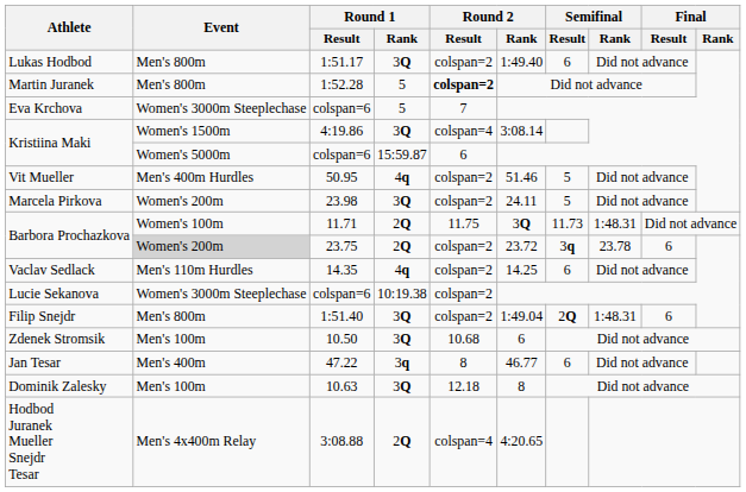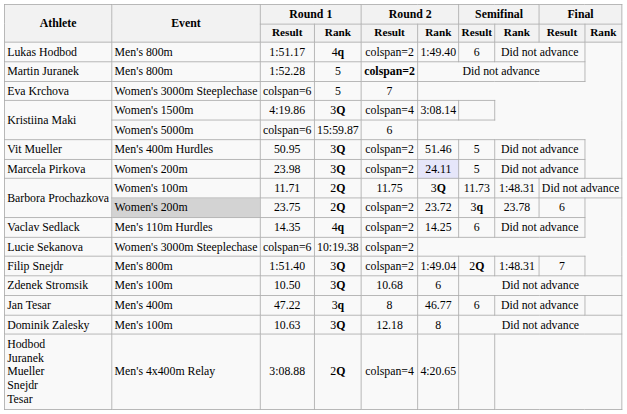 <table class="wikitable" style="font-size:90%">
 <tr>
 <th rowspan="2">Athlete</th>
 <th rowspan="2">Event</th>
 <th colspan="2">Round 1</th>
 <th colspan="2">Round 2</th>
 <th colspan="2">Semifinal</th>
 <th colspan="2">Final</th>
 </tr>
 <tr style="font-size:95%">
 <th>Result</th>
 <th>Rank</th>
 <th>Result</th>
 <th>Rank</th>
 <th>Result</th>
 <th>Rank</th>
 <th>Result</th>
 <th>Rank</th>
 </tr>
 <tr align=center>
 <td align=left>Lukas Hodbod</td>
 <td align=left>Men's 800m</td>
 <td>1:51.17</td>
-<td>3<strong>Q</strong></td>
+<td>4<strong>q</strong></td>
 <td>colspan=2 </td>
 <td>1:49.40</td>
 <td>6</td>
 <td colspan=2>Did not advance</td>
 </tr>
 <tr align=center>
 <td align=left>Martin Juranek</td>
 <td align=left>Men's 800m</td>
 <td>1:52.28</td>
 <td>5</td>
 <td><strong>colspan=2 </strong></td>
 <td colspan=4>Did not advance</td>
 </tr>
 <tr align=center>
 <td align=left>Eva Krchova</td>
 <td align=left>Women's 3000m Steeplechase</td>
 <td>colspan=6 </td>
 <td>5</td>
 <td>7</td>
 </tr>
 <tr align=center>
 <td align=left rowspan=2>Kristiina Maki</td>
 <td align=left>Women's 1500m</td>
 <td>4:19.86</td>
 <td>3<strong>Q</strong></td>
 <td>colspan=4 </td>
 <td>3:08.14</td>
 <td></td>
 </tr>
 <tr align=center>
 <td align=left>Women's 5000m</td>
 <td>colspan=6 </td>
 <td>15:59.87</td>
 <td>6</td>
 </tr>
 <tr align=center>
 <td align=left>Vit Mueller</td>
 <td align=left>Men's 400m Hurdles</td>
 <td>50.95</td>
-<td>4<strong>q</strong></td>
+<td>3<strong>Q</strong></td>
 <td>colspan=2 </td>
 <td>51.46</td>
 <td>5</td>
 <td colspan=2>Did not advance</td>
 </tr>
 <tr align=center>
 <td align=left>Marcela Pirkova</td>
 <td align=left>Women's 200m</td>
 <td>23.98</td>
 <td>3<strong>Q</strong></td>
 <td>colspan=2 </td>
-<td>24.11</td>
+<td style="background: lavender;">24.11</td>
 <td>5</td>
 <td colspan=2>Did not advance</td>
 </tr>
 <tr align=center>
 <td align=left rowspan=2>Barbora Prochazkova</td>
 <td align=left>Women's 100m</td>
 <td>11.71</td>
 <td>2<strong>Q</strong></td>
 <td>11.75</td>
 <td>3<strong>Q</strong></td>
 <td>11.73</td>
 <td>1:48.31</td>
 <td colspan=2>Did not advance</td>
 </tr>
 <tr align=center>
 <td align=left style="background: lightgrey;">Women's 200m</td>
 <td>23.75</td>
 <td>2<strong>Q</strong></td>
 <td>colspan=2 </td>
 <td>23.72</td>
 <td>3<strong>q</strong></td>
 <td>23.78</td>
 <td>6</td>
 </tr>
 <tr align=center>
 <td align=left>Vaclav Sedlack</td>
 <td align=left>Men's 110m Hurdles</td>
 <td>14.35</td>
 <td>4<strong>q</strong></td>
 <td>colspan=2 </td>
 <td>14.25</td>
 <td>6</td>
 <td colspan=2>Did not advance</td>
 </tr>
 <tr align=center>
 <td align=left>Lucie Sekanova</td>
 <td align=left>Women's 3000m Steeplechase</td>
 <td>colspan=6 </td>
 <td>10:19.38</td>
 <td>colspan=2 </td>
 </tr>
 <tr align=center>
 <td align=left>Filip Snejdr</td>
 <td align=left>Men's 800m</td>
 <td>1:51.40</td>
 <td>3<strong>Q</strong></td>
 <td>colspan=2 </td>
 <td>1:49.04</td>
 <td>2<strong>Q</strong></td>
 <td>1:48.31</td>
-<td>6</td>
+<td>7</td>
 </tr>
 <tr align=center>
 <td align=left>Zdenek Stromsik</td>
 <td align=left>Men's 100m</td>
 <td>10.50</td>
 <td>3<strong>Q</strong></td>
 <td>10.68</td>
 <td>6</td>
 <td colspan=4>Did not advance</td>
 </tr>
 <tr align=center>
 <td align=left>Jan Tesar</td>
 <td align=left>Men's 400m</td>
 <td>47.22</td>
 <td>3<strong>q</strong></td>
 <td>8</td>
 <td>46.77</td>
 <td>6</td>
 <td colspan=2>Did not advance</td>
 </tr>
 <tr align=center>
 <td align=left>Dominik Zalesky</td>
 <td align=left>Men's 100m</td>
 <td>10.63</td>
 <td>3<strong>Q</strong></td>
 <td>12.18</td>
 <td>8</td>
 <td colspan=4>Did not advance</td>
 </tr>
 <tr align=center>
 <td align=left>Hodbod<br>Juranek<br>Mueller<br>Snejdr<br>Tesar</td>
 <td align=left>Men's 4x400m Relay</td>
 <td>3:08.88</td>
 <td>2<strong>Q</strong></td>
 <td>colspan=4 </td>
 <td>4:20.65</td>
 <td></td>
 </tr>
 </table>
